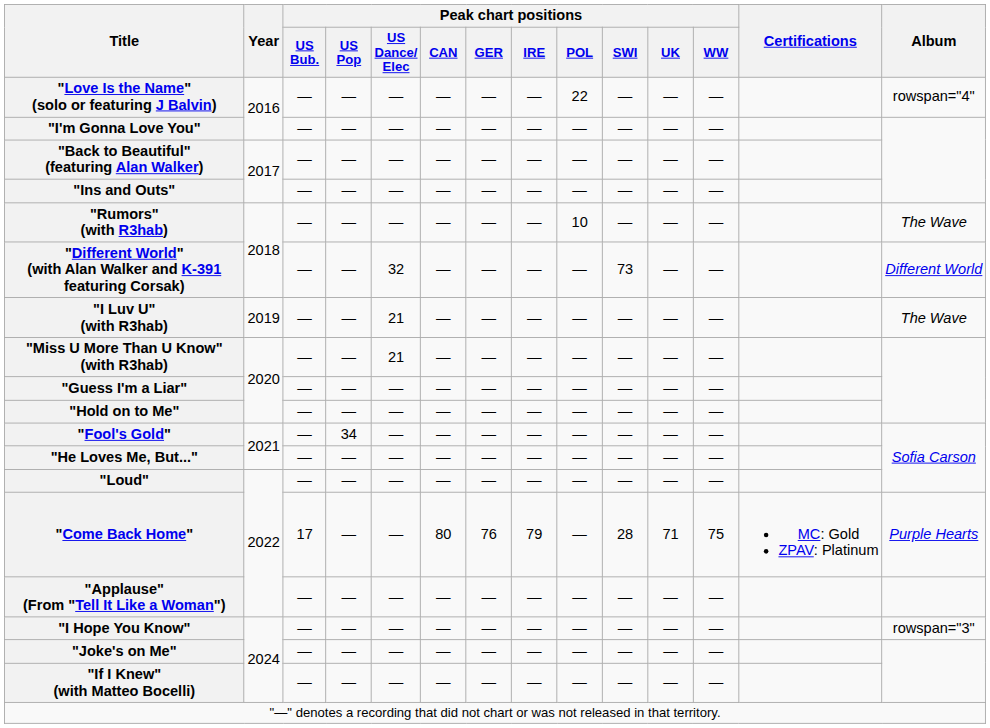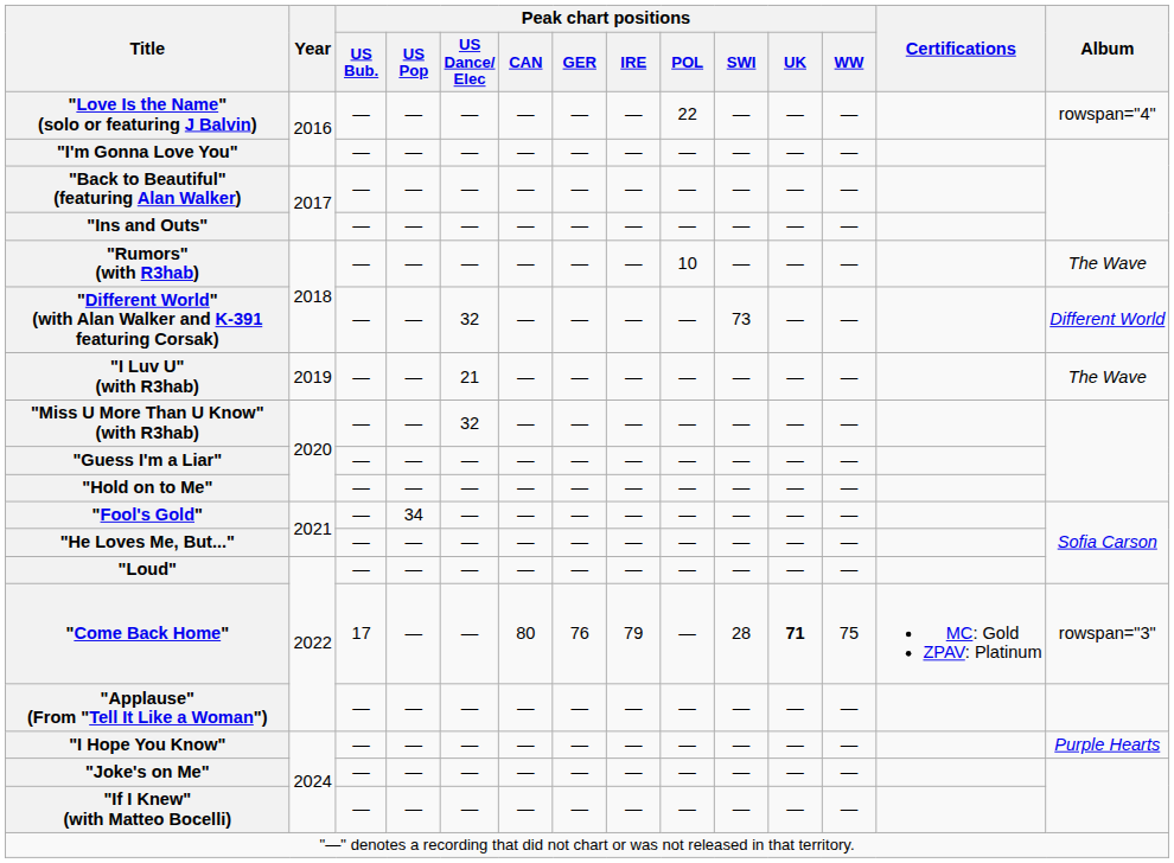 <table class="wikitable plainrowheaders" style="text-align:center">
 <tr>
 <th rowspan="2" scope="col" style="width:16em;">Title</th>
 <th rowspan="2" scope="col" style="width:1em;">Year</th>
 <th scope="col" colspan="10">Peak chart positions</th>
 <th scope="col" rowspan="2"><a href='#'>Certifications</a></th>
 <th scope="col" rowspan="2">Album</th>
 </tr>
 <tr>
 <th scope="col" style="width:2.8em;font-size:90%;"><a href='#'>US<br>Bub.</a><br></th>
 <th scope="col" style="width:3em;font-size:90%;"><a href='#'>US<br>Pop</a><br></th>
 <th scope="col" style="width:2.5em;font-size:90%;"><a href='#'>US<br>Dance/<br>Elec</a><br></th>
 <th scope="col" style="width:3em;font-size:90%;"><a href='#'>CAN</a><br></th>
 <th scope="col" style="width:3em;font-size:90%;"><a href='#'>GER</a><br></th>
 <th scope="col" style="width:3em;font-size:90%;"><a href='#'>IRE</a><br></th>
 <th scope="col" style="width:3em;font-size:90%;"><a href='#'>POL</a><br></th>
 <th scope="col" style="width:3em;font-size:90%;"><a href='#'>SWI</a><br></th>
 <th scope="col" style="width:3em;font-size:90%;"><a href='#'>UK</a><br></th>
 <th scope="col" style="width:3em;font-size:90%;"><a href='#'>WW</a><br></th>
 </tr>
 <tr>
 <th scope="row">"<a href='#'>Love Is the Name</a>"<br><span>(solo or featuring <a href='#'>J Balvin</a>)</span></th>
 <td rowspan="2">2016</td>
 <td>—</td>
 <td>—</td>
 <td>—</td>
 <td>—</td>
 <td>—</td>
 <td>—</td>
 <td>22</td>
 <td>—</td>
 <td>—</td>
 <td>—</td>
 <td></td>
 <td>rowspan="4" </td>
 </tr>
 <tr>
 <th scope="row">"I'm Gonna Love You"</th>
 <td>—</td>
 <td>—</td>
 <td>—</td>
 <td>—</td>
 <td>—</td>
 <td>—</td>
 <td>—</td>
 <td>—</td>
 <td>—</td>
 <td>—</td>
 <td></td>
 </tr>
 <tr>
 <th scope="row">"Back to Beautiful"<br><span>(featuring <a href='#'>Alan Walker</a>)</span></th>
 <td rowspan="2">2017</td>
 <td>—</td>
 <td>—</td>
 <td>—</td>
 <td>—</td>
 <td>—</td>
 <td>—</td>
 <td>—</td>
 <td>—</td>
 <td>—</td>
 <td>—</td>
 <td></td>
 </tr>
 <tr>
 <th scope="row">"Ins and Outs"</th>
 <td>—</td>
 <td>—</td>
 <td>—</td>
 <td>—</td>
 <td>—</td>
 <td>—</td>
 <td>—</td>
 <td>—</td>
 <td>—</td>
 <td>—</td>
 <td></td>
 </tr>
 <tr>
 <th scope="row">"Rumors"<br><span>(with <a href='#'>R3hab</a>)</span></th>
 <td rowspan="2">2018</td>
 <td>—</td>
 <td>—</td>
 <td>—</td>
 <td>—</td>
 <td>—</td>
 <td>—</td>
 <td>10</td>
 <td>—</td>
 <td>—</td>
 <td>—</td>
 <td></td>
 <td><em>The Wave</em></td>
 </tr>
 <tr>
 <th scope="row">"<a href='#'>Different World</a>"<br><span>(with Alan Walker and <a href='#'>K-391</a> featuring Corsak)</span></th>
 <td>—</td>
 <td>—</td>
 <td>32</td>
 <td>—</td>
 <td>—</td>
 <td>—</td>
 <td>—</td>
 <td>73</td>
 <td>—</td>
 <td>—</td>
 <td></td>
 <td><em><a href='#'>Different World</a></em></td>
 </tr>
 <tr>
 <th scope="row">"I Luv U"<br><span>(with R3hab)</span></th>
 <td>2019</td>
 <td>—</td>
 <td>—</td>
 <td>21</td>
 <td>—</td>
 <td>—</td>
 <td>—</td>
 <td>—</td>
 <td>—</td>
 <td>—</td>
 <td>—</td>
 <td></td>
 <td><em>The Wave</em></td>
 </tr>
 <tr>
 <th scope="row">"Miss U More Than U Know"<br><span>(with R3hab)</span></th>
 <td rowspan="3">2020</td>
 <td>—</td>
 <td>—</td>
-<td>21</td>
+<td>32</td>
 <td>—</td>
 <td>—</td>
 <td>—</td>
 <td>—</td>
 <td>—</td>
 <td>—</td>
 <td>—</td>
 <td></td>
 </tr>
 <tr>
 <th scope="row">"Guess I'm a Liar"</th>
 <td>—</td>
 <td>—</td>
 <td>—</td>
 <td>—</td>
 <td>—</td>
 <td>—</td>
 <td>—</td>
 <td>—</td>
 <td>—</td>
 <td>—</td>
 <td></td>
 </tr>
 <tr>
 <th scope="row">"Hold on to Me"</th>
 <td>—</td>
 <td>—</td>
 <td>—</td>
 <td>—</td>
 <td>—</td>
 <td>—</td>
 <td>—</td>
 <td>—</td>
 <td>—</td>
 <td>—</td>
 <td></td>
 </tr>
 <tr>
 <th scope="row">"<a href='#'>Fool's Gold</a>"</th>
 <td rowspan="2">2021</td>
 <td>—</td>
 <td>34</td>
 <td>—</td>
 <td>—</td>
 <td>—</td>
 <td>—</td>
 <td>—</td>
 <td>—</td>
 <td>—</td>
 <td>—</td>
 <td></td>
 <td rowspan="3"><em><a href='#'>Sofia Carson</a></em></td>
 </tr>
 <tr>
 <th scope="row">"He Loves Me, But..."</th>
 <td>—</td>
 <td>—</td>
 <td>—</td>
 <td>—</td>
 <td>—</td>
 <td>—</td>
 <td>—</td>
 <td>—</td>
 <td>—</td>
 <td>—</td>
 <td></td>
 </tr>
 <tr>
 <th scope="row">"Loud"</th>
 <td rowspan="3">2022</td>
 <td>—</td>
 <td>—</td>
 <td>—</td>
 <td>—</td>
 <td>—</td>
 <td>—</td>
 <td>—</td>
 <td>—</td>
 <td>—</td>
 <td>—</td>
 <td></td>
 </tr>
 <tr>
 <th scope="row">"<a href='#'>Come Back Home</a>"</th>
 <td>17</td>
 <td>—</td>
 <td>—</td>
 <td>80</td>
 <td>76</td>
 <td>79</td>
 <td>—</td>
 <td>28</td>
-<td>71</td>
+<td><strong>71</strong></td>
 <td>75</td>
 <td><br><ul><li><a href='#'>MC</a>: Gold</li><li><a href='#'>ZPAV</a>: Platinum</li></ul></td>
-<td><em><a href='#'>Purple Hearts</a></em></td>
+<td>rowspan="3" </td>
 </tr>
 <tr>
 <th scope="row">"Applause"<br><span>(From "<a href='#'>Tell It Like a Woman</a>")</span></th>
 <td>—</td>
 <td>—</td>
 <td>—</td>
 <td>—</td>
 <td>—</td>
 <td>—</td>
 <td>—</td>
 <td>—</td>
 <td>—</td>
 <td>—</td>
 <td></td>
 <td></td>
 </tr>
 <tr>
 <th scope="row">"I Hope You Know"</th>
 <td rowspan="3">2024</td>
 <td>—</td>
 <td>—</td>
 <td>—</td>
 <td>—</td>
 <td>—</td>
 <td>—</td>
 <td>—</td>
 <td>—</td>
 <td>—</td>
 <td>—</td>
 <td></td>
-<td>rowspan="3" </td>
+<td><em><a href='#'>Purple Hearts</a></em></td>
 </tr>
 <tr>
 <th scope="row">"Joke's on Me"</th>
 <td>—</td>
 <td>—</td>
 <td>—</td>
 <td>—</td>
 <td>—</td>
 <td>—</td>
 <td>—</td>
 <td>—</td>
 <td>—</td>
 <td>—</td>
 <td></td>
 </tr>
 <tr>
 <th scope="row">"If I Knew"<br><span>(with Matteo Bocelli)</span></th>
 <td>—</td>
 <td>—</td>
 <td>—</td>
 <td>—</td>
 <td>—</td>
 <td>—</td>
 <td>—</td>
 <td>—</td>
 <td>—</td>
 <td>—</td>
 <td></td>
 </tr>
 <tr>
 <td colspan="15" style="font-size:90%">"—" denotes a recording that did not chart or was not released in that territory.</td>
 </tr>
 </table>
